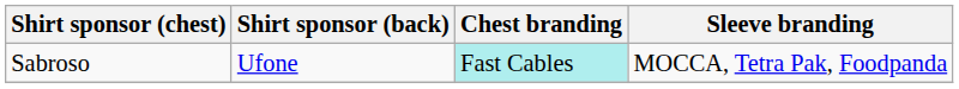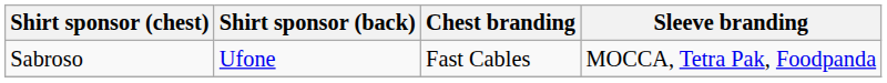 <table class="wikitable">
 <tr>
 <th>Shirt sponsor (chest)</th>
 <th>Shirt sponsor (back)</th>
 <th>Chest branding</th>
 <th>Sleeve branding</th>
 </tr>
 <tr>
 <td>Sabroso</td>
 <td><a href='#'>Ufone</a></td>
-<td style="background: paleturquoise;">Fast Cables</td>
+<td>Fast Cables</td>
 <td>MOCCA, <a href='#'>Tetra Pak</a>, <a href='#'>Foodpanda</a></td>
 </tr>
 <tr>
 </tr>
 </table>
